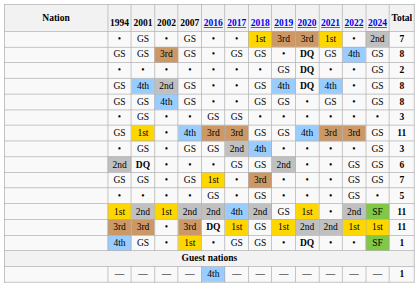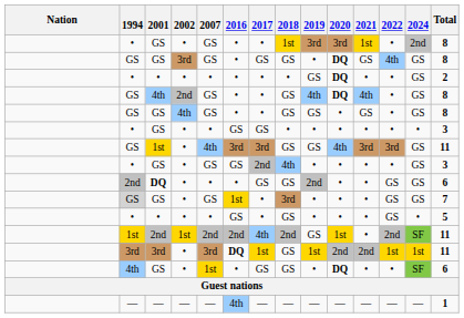 <table class="wikitable" style="text-align:center; font-size:90%;">
 <tr>
 <th width=150>Nation</th>
 <th><br>1994</th>
 <th><br>2001</th>
 <th><br>2002</th>
 <th><br>2007</th>
 <th><br><a href='#'>2016</a></th>
 <th><br><a href='#'>2017</a></th>
 <th><br><a href='#'>2018</a></th>
 <th><br><a href='#'>2019</a></th>
 <th><br><a href='#'>2020</a></th>
 <th><br><a href='#'>2021</a></th>
 <th><br><a href='#'>2022</a></th>
 <th><br><a href='#'>2024</a></th>
 <th>Total</th>
 </tr>
 <tr>
 <td style="text-align:left;"></td>
 <td>•</td>
 <td>GS</td>
 <td>•</td>
 <td>GS</td>
 <td>•</td>
 <td>•</td>
 <td style="background-color:gold;">1st</td>
 <td style="background-color:#cc9966;">3rd</td>
 <td style="background-color:#cc9966;">3rd</td>
 <td style="background-color:gold;">1st</td>
 <td>•</td>
 <td style="background-color:silver;">2nd</td>
-<td><strong>7</strong></td>
+<td><strong>8</strong></td>
 </tr>
 <tr>
 <td style="text-align:left;"></td>
 <td>GS</td>
 <td>GS</td>
 <td style="background-color:#cc9966;">3rd</td>
 <td>GS</td>
 <td>•</td>
 <td>GS</td>
 <td>GS</td>
 <td>•</td>
 <td><strong>DQ</strong></td>
 <td>GS</td>
 <td style="background-color:#9acdff;">4th</td>
 <td>GS</td>
 <td><strong>8</strong></td>
 </tr>
 <tr>
 <td style="text-align:left;"></td>
 <td>•</td>
 <td>•</td>
 <td>•</td>
 <td>•</td>
 <td>•</td>
 <td>•</td>
 <td>•</td>
 <td>GS</td>
 <td><strong>DQ</strong></td>
 <td>•</td>
 <td>•</td>
 <td>GS</td>
 <td><strong>2</strong></td>
 </tr>
 <tr>
 <td style="text-align:left;"></td>
 <td>GS</td>
 <td style="background-color:#9acdff;">4th</td>
 <td style="background-color:silver;">2nd</td>
 <td>GS</td>
 <td>•</td>
 <td>•</td>
 <td>GS</td>
 <td style="background-color:#9acdff;">4th</td>
 <td><strong>DQ</strong></td>
 <td style="background-color:#9acdff;">4th</td>
 <td>•</td>
 <td>GS</td>
 <td><strong>8</strong></td>
 </tr>
 <tr>
 <td style="text-align:left;"></td>
 <td>GS</td>
 <td>GS</td>
 <td style="background-color:#9acdff;">4th</td>
 <td>GS</td>
 <td>•</td>
 <td>•</td>
 <td>GS</td>
 <td>GS</td>
 <td>•</td>
 <td>GS</td>
 <td>•</td>
 <td>GS</td>
 <td><strong>8</strong></td>
 </tr>
 <tr>
 <td style="text-align:left;"></td>
 <td>•</td>
 <td>GS</td>
 <td>•</td>
 <td>•</td>
 <td>GS</td>
 <td>GS</td>
 <td>•</td>
 <td>•</td>
 <td>•</td>
 <td>•</td>
 <td>•</td>
 <td>•</td>
 <td><strong>3</strong></td>
 </tr>
 <tr>
 <td style="text-align:left;"></td>
 <td>GS</td>
 <td style="background-color:gold;">1st</td>
 <td>•</td>
 <td style="background-color:#9acdff;">4th</td>
 <td style="background-color:#cc9966;">3rd</td>
 <td style="background-color:#cc9966;">3rd</td>
 <td>GS</td>
 <td>GS</td>
 <td style="background-color:#9acdff;">4th</td>
 <td style="background-color:#cc9966;">3rd</td>
 <td style="background-color:#cc9966;">3rd</td>
 <td>GS</td>
 <td><strong>11</strong></td>
 </tr>
 <tr>
 <td style="text-align:left;"></td>
 <td>•</td>
 <td>GS</td>
 <td>•</td>
 <td>GS</td>
 <td>GS</td>
 <td style="background-color:silver;">2nd</td>
 <td style="background-color:#9acdff;">4th</td>
 <td>•</td>
 <td>•</td>
 <td>•</td>
 <td>•</td>
 <td>GS</td>
 <td><strong>3</strong></td>
 </tr>
 <tr>
 <td style="text-align:left;"></td>
 <td style="background-color:silver;">2nd</td>
 <td><strong>DQ</strong></td>
 <td>•</td>
 <td>•</td>
 <td>•</td>
 <td>GS</td>
 <td>GS</td>
 <td style="background-color:silver;">2nd</td>
 <td>•</td>
 <td>•</td>
 <td>GS</td>
 <td>GS</td>
 <td><strong>6</strong></td>
 </tr>
 <tr>
 <td style="text-align:left;"></td>
-<td>GS</td>
+<td style="background: lightgrey;">GS</td>
 <td>GS</td>
 <td>•</td>
 <td>GS</td>
 <td style="background-color:gold;">1st</td>
 <td>•</td>
 <td style="background-color:#cc9966;">3rd</td>
 <td>•</td>
 <td>•</td>
 <td>•</td>
 <td>GS</td>
 <td>GS</td>
 <td><strong>7</strong></td>
 </tr>
 <tr>
 <td style="text-align:left;"></td>
 <td>•</td>
 <td>•</td>
 <td>•</td>
 <td>•</td>
 <td>GS</td>
 <td>•</td>
 <td>GS</td>
 <td>•</td>
 <td>•</td>
 <td>•</td>
 <td>GS</td>
 <td>•</td>
 <td><strong>5</strong></td>
 </tr>
 <tr>
 <td style="text-align:left;"></td>
 <td style="background-color:gold;">1st</td>
 <td style="background-color:silver;">2nd</td>
 <td style="background-color:gold;">1st</td>
 <td style="background-color:silver;">2nd</td>
 <td style="background-color:silver;">2nd</td>
 <td style="background-color:#9acdff;">4th</td>
 <td style="background-color:silver;">2nd</td>
 <td>GS</td>
 <td style="background-color:gold;">1st</td>
 <td>•</td>
 <td style="background-color:silver;">2nd</td>
 <td style="background-color:#81c846;">SF</td>
 <td><strong>11</strong></td>
 </tr>
 <tr>
 <td style="text-align:left;"></td>
 <td style="background-color:#cc9966;">3rd</td>
 <td style="background-color:#cc9966;">3rd</td>
 <td>•</td>
 <td style="background-color:#cc9966;">3rd</td>
 <td><strong>DQ</strong></td>
 <td style="background-color:gold;">1st</td>
 <td>GS</td>
 <td style="background-color:gold;">1st</td>
 <td style="background-color:silver;">2nd</td>
 <td style="background-color:silver;">2nd</td>
 <td style="background-color:gold;">1st</td>
 <td style="background-color:gold;">1st</td>
 <td><strong>11</strong></td>
 </tr>
 <tr>
 <td style="text-align:left;"></td>
 <td style="background-color:#9acdff;">4th</td>
 <td>GS</td>
 <td>•</td>
 <td style="background-color:gold;">1st</td>
 <td>•</td>
 <td>GS</td>
 <td>GS</td>
 <td>•</td>
 <td><strong>DQ</strong></td>
 <td>•</td>
 <td>•</td>
 <td style="background-color:#81c846;">SF</td>
-<td><strong>1</strong></td>
+<td><strong>6</strong></td>
 </tr>
 <tr>
 <th colspan=14>Guest nations</th>
 </tr>
 <tr>
 <td style="text-align:left;"></td>
 <td>—</td>
 <td>—</td>
 <td>—</td>
 <td>—</td>
 <td style="background-color:#9acdff;">4th</td>
 <td>—</td>
 <td>—</td>
 <td>—</td>
 <td>—</td>
 <td>—</td>
 <td>—</td>
 <td>—</td>
 <td><strong>1</strong></td>
 </tr>
 </table>
